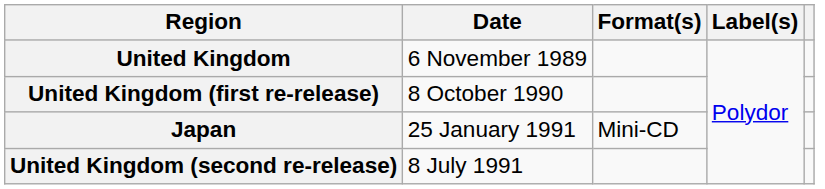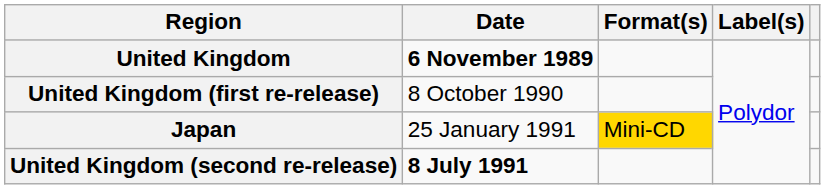 <table class="wikitable plainrowheaders">
 <tr>
 <th scope="col">Region</th>
 <th scope="col">Date</th>
 <th scope="col">Format(s)</th>
 <th scope="col">Label(s)</th>
 <th scope="col"></th>
 </tr>
 <tr>
 <th scope="row">United Kingdom</th>
-<td>6 November 1989</td>
+<td><strong>6 November 1989</strong></td>
 <td></td>
 <td rowspan="4"><a href='#'>Polydor</a></td>
 <td></td>
 </tr>
 <tr>
 <th scope="row">United Kingdom (first re-release)</th>
 <td>8 October 1990</td>
 <td></td>
 <td></td>
 </tr>
 <tr>
 <th scope="row">Japan</th>
 <td>25 January 1991</td>
-<td>Mini-CD</td>
+<td style="background: gold;">Mini-CD</td>
 <td></td>
 </tr>
 <tr>
 <th scope="row">United Kingdom (second re-release)</th>
-<td>8 July 1991</td>
+<td><strong>8 July 1991</strong></td>
 <td></td>
 <td></td>
 </tr>
 </table>
